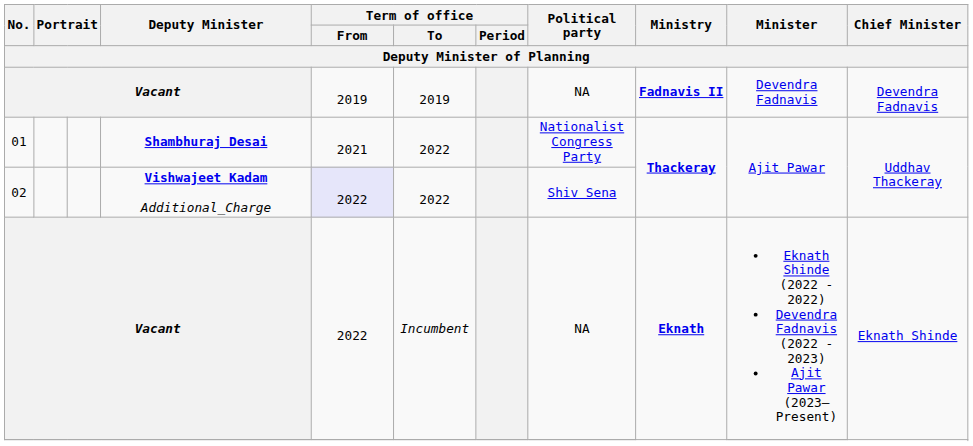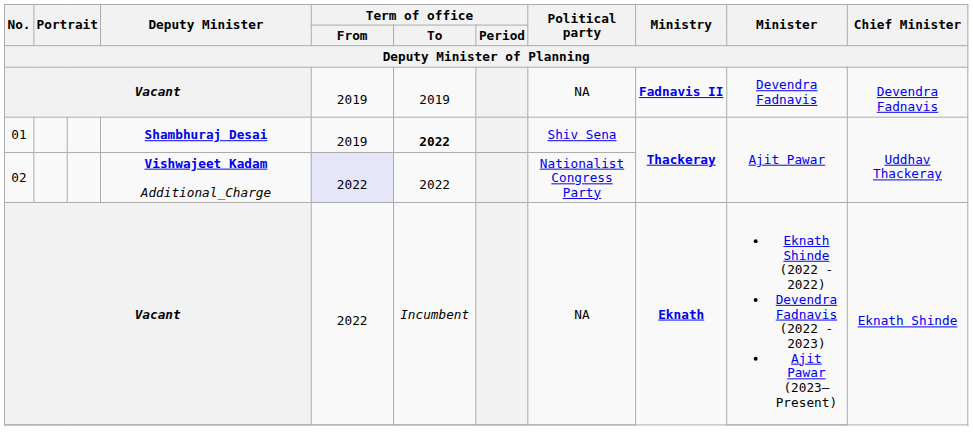 <table class="wikitable" style="text-align:center">
 <tr>
 <th rowspan="2">No.</th>
 <th rowspan="2" colspan="2">Portrait</th>
 <th rowspan="2" style="width:16em">Deputy Minister<br></th>
 <th colspan="3">Term of office</th>
 <th rowspan="2" style="width:8em">Political party</th>
 <th rowspan="2">Ministry</th>
 <th rowspan="2" style="width:9em">Minister</th>
 <th rowspan="2" style="width:9em">Chief Minister</th>
 </tr>
 <tr>
 <th style="width:6em">From</th>
 <th style="width:6em">To</th>
 <th>Period</th>
 </tr>
 <tr>
 <th colspan="11">Deputy Minister of Planning</th>
 </tr>
 <tr>
 <th colspan="04"><strong><em> Vacant</em></strong></th>
 <td><br>2019</td>
 <td><br>2019</td>
 <th></th>
 <td>NA</td>
 <td rowspan="1"><a href='#'><strong>Fadnavis II</strong></a></td>
 <td><a href='#'>Devendra Fadnavis</a></td>
 <td rowspan="1"> <br><a href='#'>Devendra Fadnavis</a></td>
 </tr>
 <tr>
 <td>01</td>
 <td style="color:inherit;background:"></td>
 <td></td>
 <td><strong><a href='#'>Shambhuraj Desai</a></strong> <br> </td>
-<td><br>2021</td>
-<td><br>2022</td>
+<td><br>2019</td>
+<td><strong><br>2022</strong></td>
 <th></th>
-<td><a href='#'>Nationalist Congress Party</a></td>
+<td><a href='#'>Shiv Sena</a></td>
 <td rowspan="2"><a href='#'><strong>Thackeray</strong></a></td>
 <td rowspan="2"><a href='#'>Ajit Pawar</a></td>
 <td rowspan="2"> <br><a href='#'>Uddhav Thackeray</a></td>
 </tr>
 <tr>
 <td>02</td>
 <td style="color:inherit;background:"></td>
 <td></td>
 <td><strong><a href='#'>Vishwajeet Kadam</a></strong> <br> <br><em>Additional_Charge</em></td>
 <td style="background: lavender;"><br>2022</td>
 <td><br>2022</td>
 <th></th>
-<td><a href='#'>Shiv Sena</a></td>
+<td><a href='#'>Nationalist Congress Party</a></td>
 </tr>
 <tr>
 <th colspan="04"><strong><em>Vacant</em></strong></th>
 <td><br>2022</td>
 <td><em>Incumbent</em></td>
 <th></th>
 <td>NA</td>
 <td rowspan="2"><a href='#'><strong>Eknath</strong></a></td>
 <td><br><ul><li><a href='#'>Eknath Shinde</a><br>(2022 - 2022)</li><li><a href='#'>Devendra Fadnavis</a><br>(2022 - 2023)</li><li><a href='#'>Ajit Pawar</a><br> (2023–Present)</li></ul></td>
 <td rowspan="2"> <br><a href='#'>Eknath Shinde</a></td>
 </tr>
 <tr>
 </tr>
 </table>
